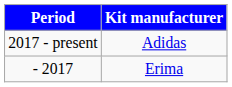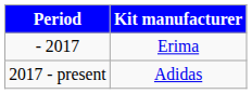 <table class="wikitable" style="font-size: 95%; text-align:center">
 <tr>
 <th scope=col style="color:white; background:blue">Period</th>
 <th scope=col style="color:white; background:blue">Kit manufacturer</th>
 </tr>
 <tr>
+<td>- 2017</td>
+<td> <a href='#'>Erima</a></td>
+</tr>
+<tr>
 <td>2017 - present</td>
 <td> <a href='#'>Adidas</a></td>
 </tr>
-<tr>
-<td>- 2017</td>
-<td> <a href='#'>Erima</a></td>
-</tr>
 </table>
